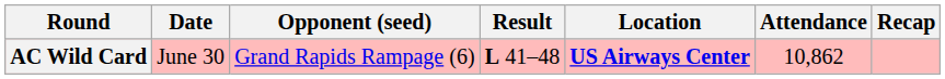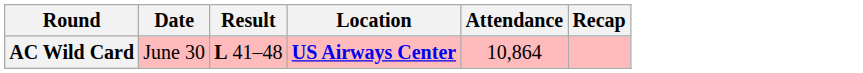 <table class="wikitable" style="text-align:center">
 <tr>
 <th>Round</th>
 <th>Date</th>
-<th>Opponent (seed)</th>
 <th>Result</th>
 <th>Location</th>
 <th>Attendance</th>
 <th>Recap</th>
 </tr>
 <tr bgcolor="#ffbbbb">
 <th>AC Wild Card</th>
 <td>June 30</td>
-<td><a href='#'>Grand Rapids Rampage</a> (6)</td>
 <td><strong>L</strong> 41–48</td>
 <td><strong><a href='#'>US Airways Center</a></strong></td>
-<td>10,862</td>
+<td>10,864</td>
 <td></td>
 </tr>
 </table>
